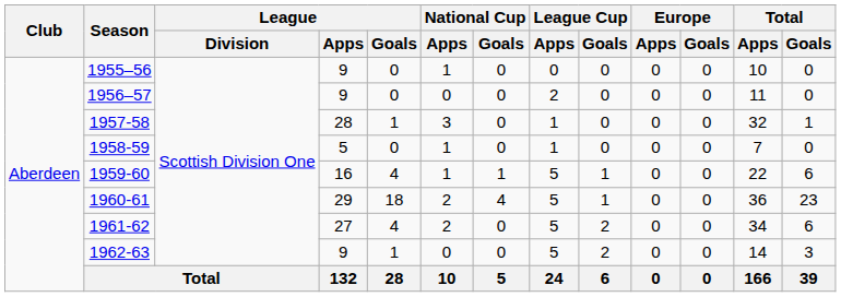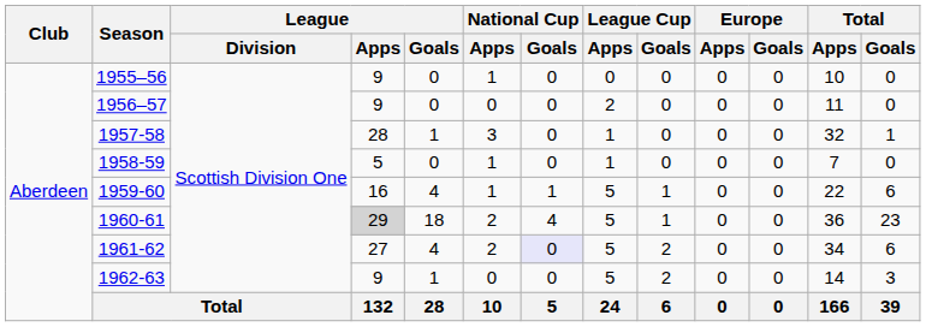 <table class="wikitable" style="text-align:center">
 <tr>
 <th rowspan="2">Club</th>
 <th rowspan="2">Season</th>
 <th colspan="3">League</th>
 <th colspan="2">National Cup</th>
 <th colspan="2">League Cup</th>
 <th colspan="2">Europe</th>
 <th colspan="2">Total</th>
 </tr>
 <tr>
 <th>Division</th>
 <th>Apps</th>
 <th>Goals</th>
 <th>Apps</th>
 <th>Goals</th>
 <th>Apps</th>
 <th>Goals</th>
 <th>Apps</th>
 <th>Goals</th>
 <th>Apps</th>
 <th>Goals</th>
 </tr>
 <tr>
 <td rowspan="9"><a href='#'>Aberdeen</a></td>
 <td><a href='#'>1955–56</a></td>
 <td rowspan="8"><a href='#'>Scottish Division One</a></td>
 <td>9</td>
 <td>0</td>
 <td>1</td>
 <td>0</td>
 <td>0</td>
 <td>0</td>
 <td>0</td>
 <td>0</td>
 <td>10</td>
 <td>0</td>
 </tr>
 <tr>
 <td><a href='#'>1956–57</a></td>
 <td>9</td>
 <td>0</td>
 <td>0</td>
 <td>0</td>
 <td>2</td>
 <td>0</td>
 <td>0</td>
 <td>0</td>
 <td>11</td>
 <td>0</td>
 </tr>
 <tr>
 <td><a href='#'>1957-58</a></td>
 <td>28</td>
 <td>1</td>
 <td>3</td>
 <td>0</td>
 <td>1</td>
 <td>0</td>
 <td>0</td>
 <td>0</td>
 <td>32</td>
 <td>1</td>
 </tr>
 <tr>
 <td><a href='#'>1958-59</a></td>
 <td>5</td>
 <td>0</td>
 <td>1</td>
 <td>0</td>
 <td>1</td>
 <td>0</td>
 <td>0</td>
 <td>0</td>
 <td>7</td>
 <td>0</td>
 </tr>
 <tr>
 <td><a href='#'>1959-60</a></td>
 <td>16</td>
 <td>4</td>
 <td>1</td>
 <td>1</td>
 <td>5</td>
 <td>1</td>
 <td>0</td>
 <td>0</td>
 <td>22</td>
 <td>6</td>
 </tr>
 <tr>
 <td><a href='#'>1960-61</a></td>
-<td>29</td>
+<td style="background: lightgrey;">29</td>
 <td>18</td>
 <td>2</td>
 <td>4</td>
 <td>5</td>
 <td>1</td>
 <td>0</td>
 <td>0</td>
 <td>36</td>
 <td>23</td>
 </tr>
 <tr>
 <td><a href='#'>1961-62</a></td>
 <td>27</td>
 <td>4</td>
 <td>2</td>
-<td>0</td>
+<td style="background: lavender;">0</td>
 <td>5</td>
 <td>2</td>
 <td>0</td>
 <td>0</td>
 <td>34</td>
 <td>6</td>
 </tr>
 <tr>
 <td><a href='#'>1962-63</a></td>
 <td>9</td>
 <td>1</td>
 <td>0</td>
 <td>0</td>
 <td>5</td>
 <td>2</td>
 <td>0</td>
 <td>0</td>
 <td>14</td>
 <td>3</td>
 </tr>
 <tr>
 <th colspan="2">Total</th>
 <th>132</th>
 <th>28</th>
 <th>10</th>
 <th>5</th>
 <th>24</th>
 <th>6</th>
 <th>0</th>
 <th>0</th>
 <th>166</th>
 <th>39</th>
 </tr>
 </table>
